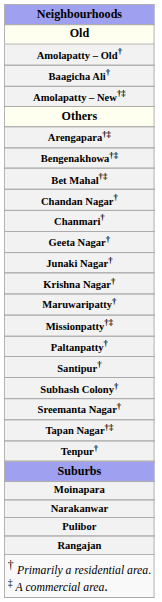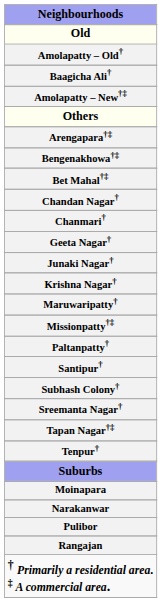 <table class="wikitable collapsible collapsed">
 <tr style="text-align: center; font-size:86%;">
 <th colspan="1" style="background:#A0A0F0;" "width: 50px;">Neighbourhoods</th>
 </tr>
 <tr>
 </tr>
 <tr style="text-align: center; font-size:86%;">
 <th colspan="1" style="background:#FFFFF0;" "width: 50px;">Old</th>
 </tr>
 <tr style="text-align: center; font-size:75%;">
 <th>Amolapatty – Old<span><sup>†</sup></span></th>
 </tr>
 <tr>
 </tr>
 <tr style="text-align: center; font-size:75%;">
 <th>Baagicha Ali<span><sup>†</sup></span></th>
 </tr>
 <tr>
 </tr>
 <tr style="text-align: center; font-size:75%;">
 <th>Amolapatty – New<span><sup>†</sup></span><span><sup>‡</sup></span></th>
 </tr>
 <tr>
 </tr>
 <tr style="text-align: center; font-size:86%;">
 <th colspan="1" style="background:#FFFFF0;" "width: 50px;">Others</th>
 </tr>
 <tr>
 </tr>
 <tr style="text-align: center; font-size:75%;">
 <th>Arengapara<span><sup>†</sup></span><span><sup>‡</sup></span></th>
 </tr>
 <tr>
 </tr>
 <tr style="text-align: center; font-size:75%;">
 <th>Bengenakhowa<span><sup>†</sup></span><span><sup>‡</sup></span></th>
 </tr>
 <tr>
 </tr>
 <tr style="text-align: center; font-size:75%;">
 <th>Bet Mahal<span><sup>†</sup></span><span><sup>‡</sup></span></th>
 </tr>
 <tr>
 </tr>
 <tr style="text-align: center; font-size:75%;">
 <th>Chandan Nagar<span><sup>†</sup></span></th>
 </tr>
 <tr>
 </tr>
 <tr style="text-align: center; font-size:75%;">
 <th>Chanmari<span><sup>†</sup></span></th>
 </tr>
 <tr>
 </tr>
 <tr style="text-align: center; font-size:75%;">
 <th>Geeta Nagar<span><sup>†</sup></span></th>
 </tr>
 <tr>
 </tr>
 <tr style="text-align: center; font-size:75%;">
 <th>Junaki Nagar<span><sup>†</sup></span></th>
 </tr>
 <tr>
 </tr>
 <tr style="text-align: center; font-size:75%;">
 <th>Krishna Nagar<span><sup>†</sup></span></th>
 </tr>
 <tr>
 </tr>
 <tr style="text-align: center; font-size:75%;">
 <th>Maruwaripatty<span><sup>†</sup></span></th>
 </tr>
 <tr>
 </tr>
 <tr style="text-align: center; font-size:75%;">
 <th>Missionpatty<span><sup>†</sup></span><span><sup>‡</sup></span></th>
 </tr>
 <tr>
 </tr>
 <tr style="text-align: center; font-size:75%;">
 <th>Paltanpatty<span><sup>†</sup></span></th>
 </tr>
 <tr>
 </tr>
 <tr style="text-align: center; font-size:75%;">
 <th>Santipur<span><sup>†</sup></span></th>
 </tr>
 <tr>
 </tr>
 <tr style="text-align: center; font-size:75%;">
 <th>Subhash Colony<span><sup>†</sup></span></th>
 </tr>
 <tr>
 </tr>
 <tr style="text-align: center; font-size:75%;">
 <th>Sreemanta Nagar<span><sup>†</sup></span></th>
 </tr>
 <tr>
 </tr>
 <tr style="text-align: center; font-size:75%;">
 <th>Tapan Nagar<span><sup>†</sup></span><span><sup>‡</sup></span></th>
 </tr>
 <tr>
 </tr>
 <tr style="text-align: center; font-size:75%;">
 <th>Tenpur<span><sup>†</sup></span></th>
 </tr>
 <tr>
 </tr>
 <tr style="text-align: center; font-size:86%;">
 <th colspan="1" style="background:#A0A0F0;" "width: 50px;">Suburbs</th>
 </tr>
 <tr>
 </tr>
 <tr style="text-align: center; font-size:76%;">
 <th>Moinapara</th>
 </tr>
 <tr>
 </tr>
 <tr style="text-align: center; font-size:75%;">
 <th>Narakanwar</th>
 </tr>
 <tr>
 </tr>
 <tr style="text-align: center; font-size:75%;">
 <th>Pulibor</th>
 </tr>
 <tr>
 </tr>
 <tr style="text-align: center; font-size:75%;">
 <th>Rangajan</th>
 </tr>
 <tr>
-<td colspan="1"><span><sup>†</sup></span> <small><em>Primarily a residential area</em>. <br><span><sup>‡</sup></span> <em>A commercial area</em></small>.</td>
+<td colspan="1"><strong><span><sup>†</sup></span> <small><em>Primarily a residential area</em>. <br><span><sup>‡</sup></span> <em>A commercial area</em></small>.</strong></td>
 </tr>
 <tr>
 </tr>
 </table>
